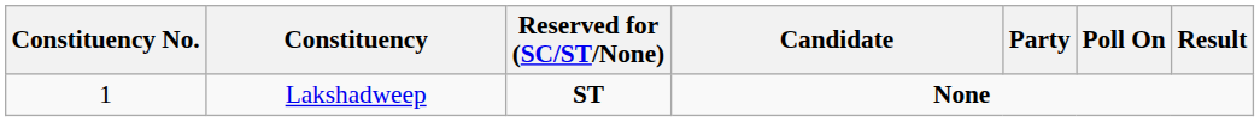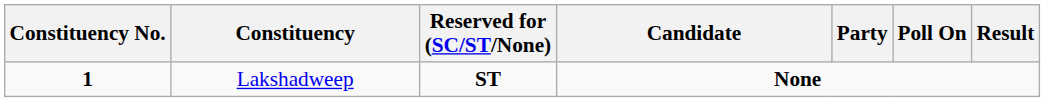 <table class="wikitable sortable" style="text-align:center">
 <tr>
 <th>Constituency No.</th>
 <th style="width:180px;">Constituency</th>
 <th>Reserved for<br>(<a href='#'>SC/ST</a>/None)</th>
 <th style="width:200px;">Candidate</th>
 <th colspan="2">Party</th>
 <th>Poll On</th>
 <th>Result</th>
 </tr>
 <tr>
-<td style="text-align:center;">1</td>
+<td style="text-align:center;"><strong>1</strong></td>
 <td><a href='#'>Lakshadweep</a></td>
 <td><strong>ST</strong></td>
 <td align="center" colspan=5><strong>None</strong></td>
 </tr>
 </table>
